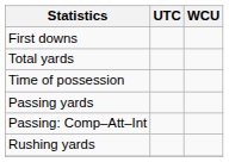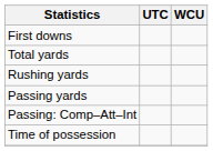 <table class="wikitable" style="float: left;">
 <tr>
 <th>Statistics</th>
 <th>UTC</th>
 <th>WCU</th>
 </tr>
 <tr>
 <td>First downs</td>
 <td></td>
 <td></td>
 </tr>
 <tr>
 <td>Total yards</td>
 <td></td>
 <td></td>
 </tr>
 <tr>
-<td>Time of possession</td>
+<td>Rushing yards</td>
 <td></td>
 <td></td>
 </tr>
 <tr>
 <td>Passing yards</td>
 <td></td>
 <td></td>
 </tr>
 <tr>
 <td>Passing: Comp–Att–Int</td>
 <td></td>
 <td></td>
 </tr>
 <tr>
-<td>Rushing yards</td>
+<td>Time of possession</td>
 <td></td>
 <td></td>
 </tr>
 <tr>
 </tr>
 </table>
